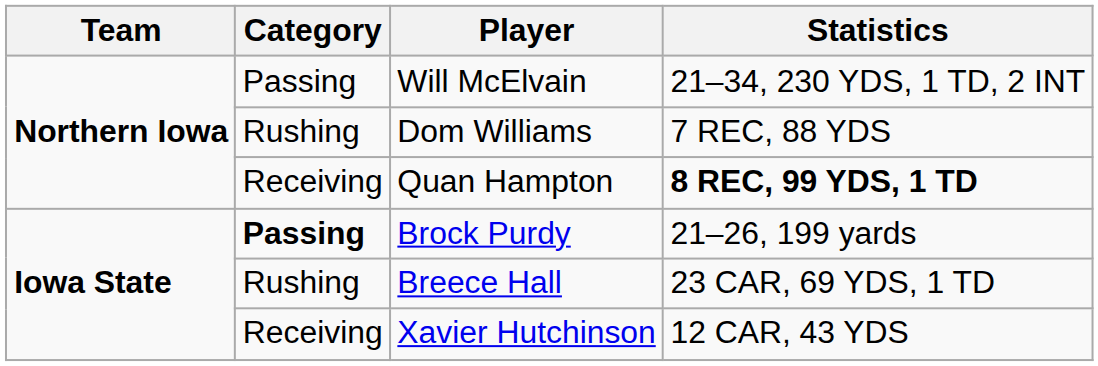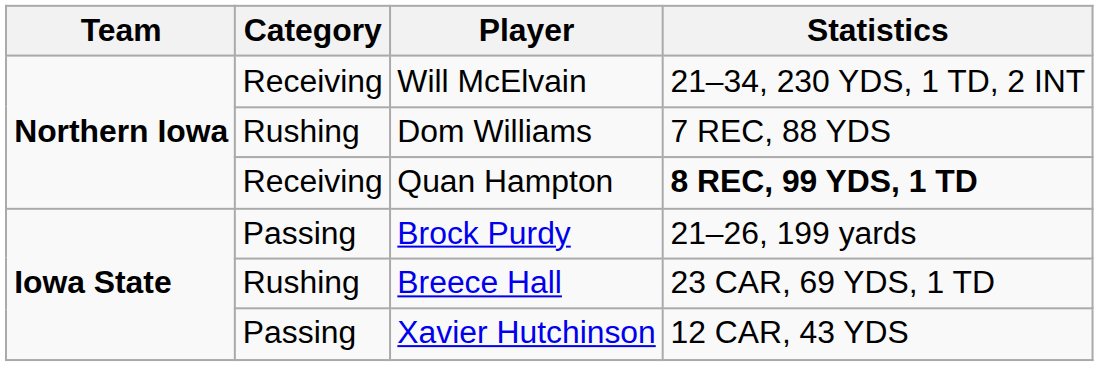 <table class="wikitable" style="float: right;">
 <tr>
 <th>Team</th>
 <th>Category</th>
 <th>Player</th>
 <th>Statistics</th>
 </tr>
 <tr>
 <td rowspan=3><strong>Northern Iowa</strong></td>
-<td>Passing</td>
+<td>Receiving</td>
 <td>Will McElvain</td>
 <td>21–34, 230 YDS, 1 TD, 2 INT</td>
 </tr>
 <tr>
 <td>Rushing</td>
 <td>Dom Williams</td>
 <td>7 REC, 88 YDS</td>
 </tr>
 <tr>
 <td>Receiving</td>
 <td>Quan Hampton</td>
 <td><strong>8 REC, 99 YDS, 1 TD</strong></td>
 </tr>
 <tr>
 <td rowspan=3><strong>Iowa State</strong></td>
-<td><strong>Passing</strong></td>
+<td>Passing</td>
 <td><a href='#'>Brock Purdy</a></td>
 <td>21–26, 199 yards</td>
 </tr>
 <tr>
 <td>Rushing</td>
 <td><a href='#'>Breece Hall</a></td>
 <td>23 CAR, 69 YDS, 1 TD</td>
 </tr>
 <tr>
-<td>Receiving</td>
+<td>Passing</td>
 <td><a href='#'>Xavier Hutchinson</a></td>
 <td>12 CAR, 43 YDS</td>
 </tr>
 </table>
